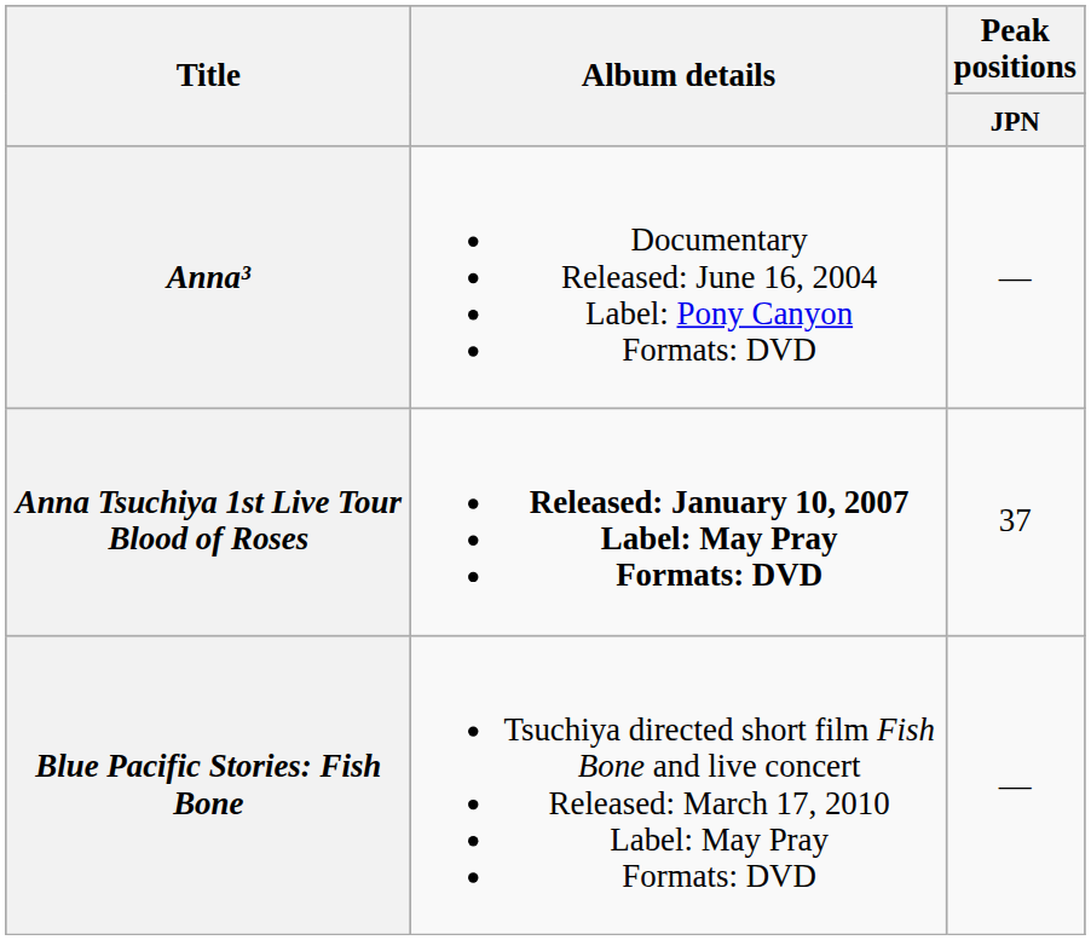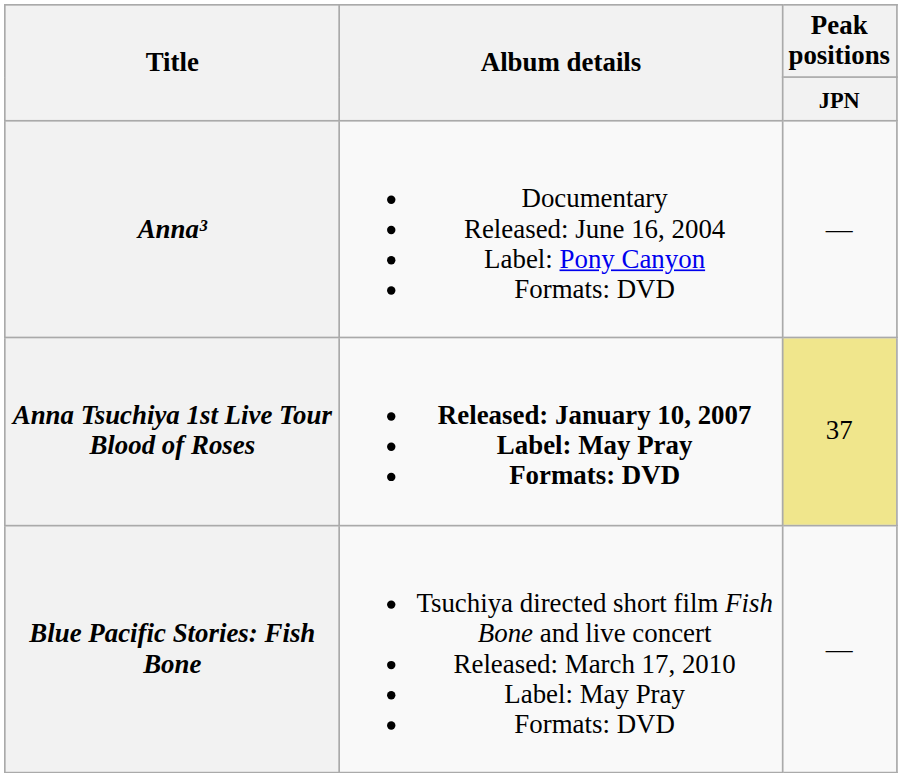 <table class="wikitable plainrowheaders" style="text-align:center;" border="1">
 <tr>
 <th style="width:12em;" rowspan="2">Title</th>
 <th style="width:16em;" rowspan="2">Album details</th>
 <th colspan="1">Peak positions</th>
 </tr>
 <tr>
 <th style="width:2.5em;"><small>JPN</small><br></th>
 </tr>
 <tr>
 <th scope="row"><em>Anna³</em></th>
 <td><br><ul><li>Documentary</li><li>Released: June 16, 2004</li><li>Label: <a href='#'>Pony Canyon</a></li><li>Formats: DVD</li></ul></td>
 <td>—</td>
 </tr>
 <tr>
 <th scope="row"><em>Anna Tsuchiya 1st Live Tour Blood of Roses</em></th>
 <td><strong><br><ul><li>Released: January 10, 2007</li><li>Label: May Pray</li><li>Formats: DVD</li></ul></strong></td>
-<td>37</td>
+<td style="background: khaki;">37</td>
 </tr>
 <tr>
 <th scope="row"><em>Blue Pacific Stories: Fish Bone</em></th>
 <td><br><ul><li>Tsuchiya directed short film <em>Fish Bone</em> and live concert</li><li>Released: March 17, 2010</li><li>Label: May Pray</li><li>Formats: DVD</li></ul></td>
 <td>—</td>
 </tr>
 </table>
